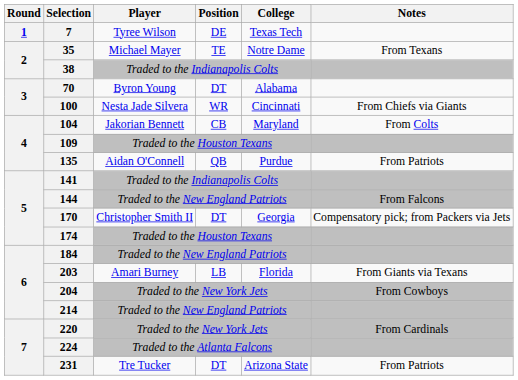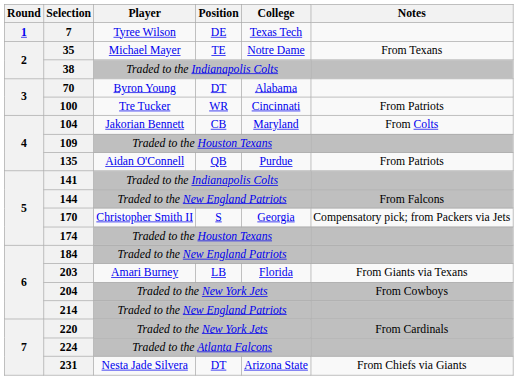 <table class="wikitable" style="text-align:center">
 <tr>
 <th>Round</th>
 <th>Selection</th>
 <th>Player</th>
 <th>Position</th>
 <th>College</th>
 <th>Notes</th>
 </tr>
 <tr>
 <th><a href='#'>1</a></th>
 <th>7</th>
 <td><a href='#'>Tyree Wilson</a></td>
 <td><a href='#'>DE</a></td>
 <td><a href='#'>Texas Tech</a></td>
 <td></td>
 </tr>
 <tr>
 <th rowspan="2">2</th>
 <th>35</th>
 <td><a href='#'>Michael Mayer</a></td>
 <td><a href='#'>TE</a></td>
 <td><a href='#'>Notre Dame</a></td>
 <td>From Texans</td>
 </tr>
 <tr>
 <th>38</th>
 <td colspan="3" style="background:#BFBFBF"><em>Traded to the <a href='#'>Indianapolis Colts</a></em></td>
 <td style="background:#BFBFBF"></td>
 </tr>
 <tr>
 <th rowspan="2">3</th>
 <th>70</th>
 <td><a href='#'>Byron Young</a></td>
 <td><a href='#'>DT</a></td>
 <td><a href='#'>Alabama</a></td>
 <td></td>
 </tr>
 <tr>
 <th>100</th>
-<td><a href='#'>Nesta Jade Silvera</a></td>
+<td><a href='#'>Tre Tucker</a></td>
 <td><a href='#'>WR</a></td>
 <td><a href='#'>Cincinnati</a></td>
-<td>From Chiefs via Giants</td>
+<td>From Patriots</td>
 </tr>
 <tr>
 <th rowspan="3">4</th>
 <th>104</th>
 <td><a href='#'>Jakorian Bennett</a></td>
 <td><a href='#'>CB</a></td>
 <td><a href='#'>Maryland</a></td>
 <td>From <a href='#'>Colts</a></td>
 </tr>
 <tr>
 <th>109</th>
 <td colspan="3" style="background:#BFBFBF"><em>Traded to the <a href='#'>Houston Texans</a></em></td>
 <td style="background:#BFBFBF"></td>
 </tr>
 <tr>
 <th>135</th>
 <td><a href='#'>Aidan O'Connell</a></td>
 <td><a href='#'>QB</a></td>
 <td><a href='#'>Purdue</a></td>
 <td>From Patriots</td>
 </tr>
 <tr>
 <th rowspan="4">5</th>
 <th>141</th>
 <td colspan="3" style="background:#BFBFBF"><em>Traded to the <a href='#'>Indianapolis Colts</a></em></td>
 <td style="background:#BFBFBF"></td>
 </tr>
 <tr>
 <th>144</th>
 <td colspan="3" style="background:#BFBFBF"><em>Traded to the <a href='#'>New England Patriots</a></em></td>
 <td style="background:#BFBFBF">From Falcons</td>
 </tr>
 <tr>
 <th>170</th>
 <td><a href='#'>Christopher Smith II</a></td>
-<td><a href='#'>DT</a></td>
+<td><a href='#'>S</a></td>
 <td><a href='#'>Georgia</a></td>
 <td>Compensatory pick; from Packers via Jets</td>
 </tr>
 <tr>
 <th>174</th>
 <td colspan="3" style="background:#BFBFBF"><em>Traded to the <a href='#'>Houston Texans</a></em></td>
 <td style="background:#BFBFBF"></td>
 </tr>
 <tr>
 <th rowspan="4">6</th>
 <th>184</th>
 <td colspan="3" style="background:#BFBFBF"><em>Traded to the <a href='#'>New England Patriots</a></em></td>
 <td style="background:#BFBFBF"></td>
 </tr>
 <tr>
 <th>203</th>
 <td><a href='#'>Amari Burney</a></td>
 <td><a href='#'>LB</a></td>
 <td><a href='#'>Florida</a></td>
 <td>From Giants via Texans</td>
 </tr>
 <tr>
 <th>204</th>
 <td colspan="3" style="background:#BFBFBF"><em>Traded to the <a href='#'>New York Jets</a></em></td>
 <td style="background:#BFBFBF">From Cowboys</td>
 </tr>
 <tr>
 <th>214</th>
 <td colspan="3" style="background:#BFBFBF"><em>Traded to the <a href='#'>New England Patriots</a></em></td>
 <td style="background:#BFBFBF"></td>
 </tr>
 <tr>
 <th rowspan="3">7</th>
 <th>220</th>
 <td colspan="3" style="background:#BFBFBF"><em>Traded to the <a href='#'>New York Jets</a></em></td>
 <td style="background:#BFBFBF">From Cardinals</td>
 </tr>
 <tr>
 <th>224</th>
 <td colspan="3" style="background:#BFBFBF"><em>Traded to the <a href='#'>Atlanta Falcons</a></em></td>
 <td style="background:#BFBFBF"></td>
 </tr>
 <tr>
 <th>231</th>
-<td><a href='#'>Tre Tucker</a></td>
+<td><a href='#'>Nesta Jade Silvera</a></td>
 <td><a href='#'>DT</a></td>
 <td><a href='#'>Arizona State</a></td>
-<td>From Patriots</td>
+<td>From Chiefs via Giants</td>
 </tr>
 </table>
